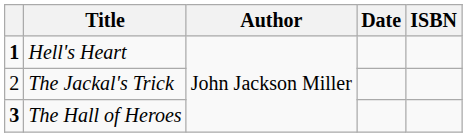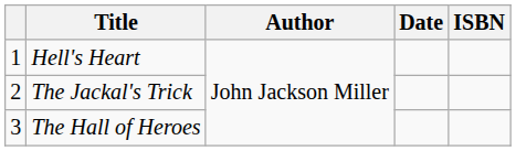 <table class="wikitable">
 <tr>
 <th></th>
 <th>Title</th>
 <th>Author</th>
 <th>Date</th>
 <th>ISBN</th>
 </tr>
 <tr>
-<td><strong>1</strong></td>
+<td>1</td>
 <td><em>Hell's Heart</em></td>
 <td rowspan="3">John Jackson Miller</td>
 <td></td>
 <td></td>
 </tr>
 <tr>
 <td>2</td>
 <td><em>The Jackal's Trick</em></td>
 <td></td>
 <td></td>
 </tr>
 <tr>
-<td><strong>3</strong></td>
+<td>3</td>
 <td><em>The Hall of Heroes</em></td>
 <td></td>
 <td></td>
 </tr>
 </table>
